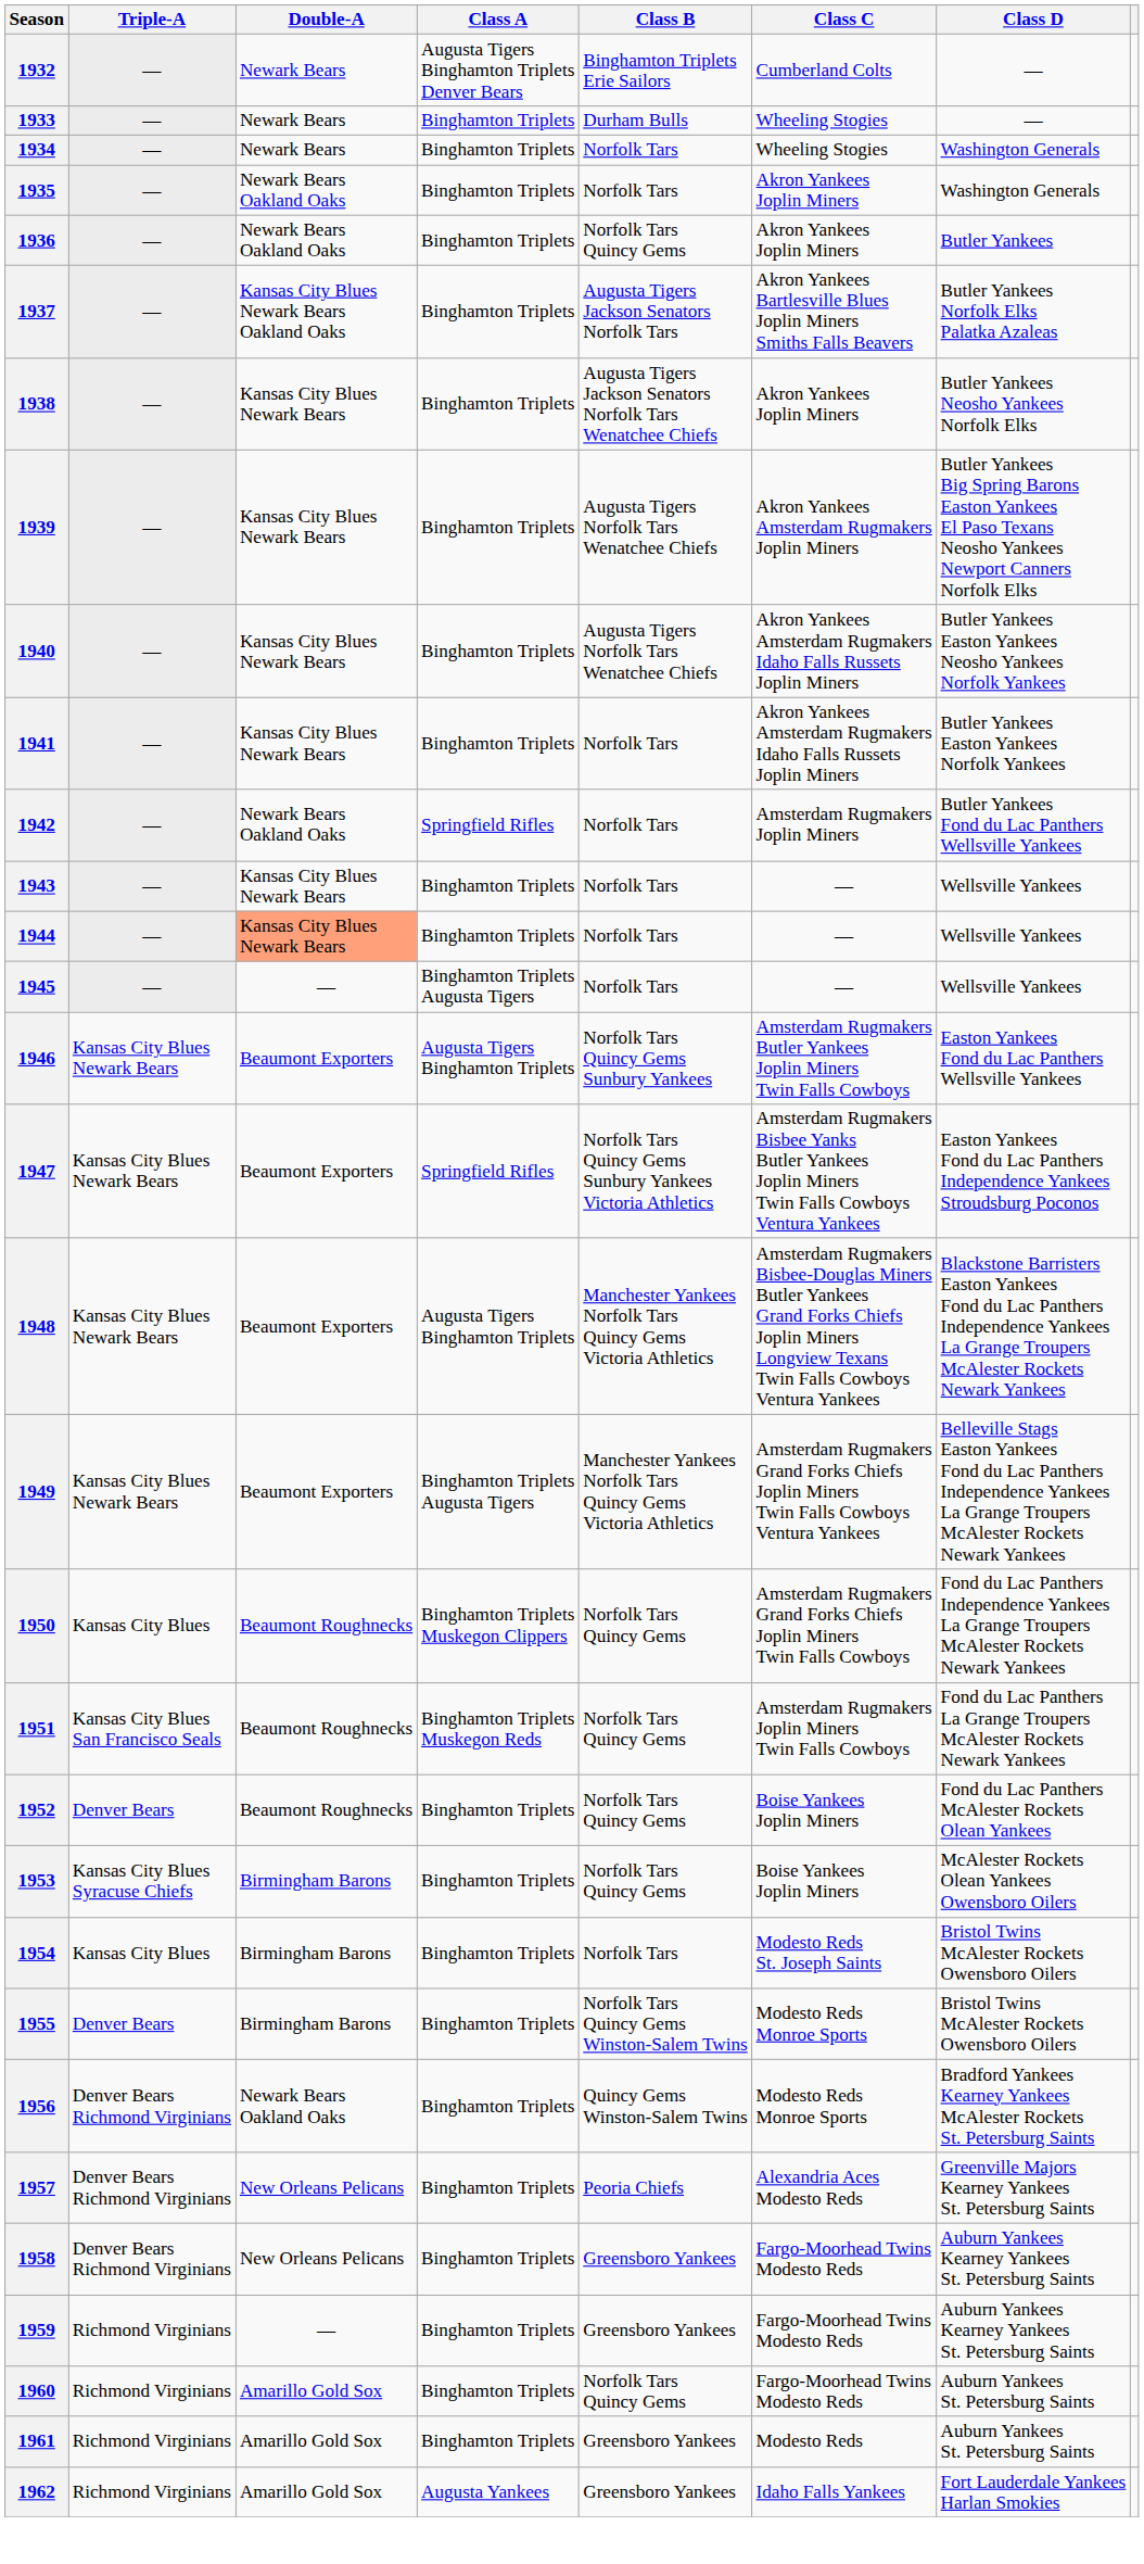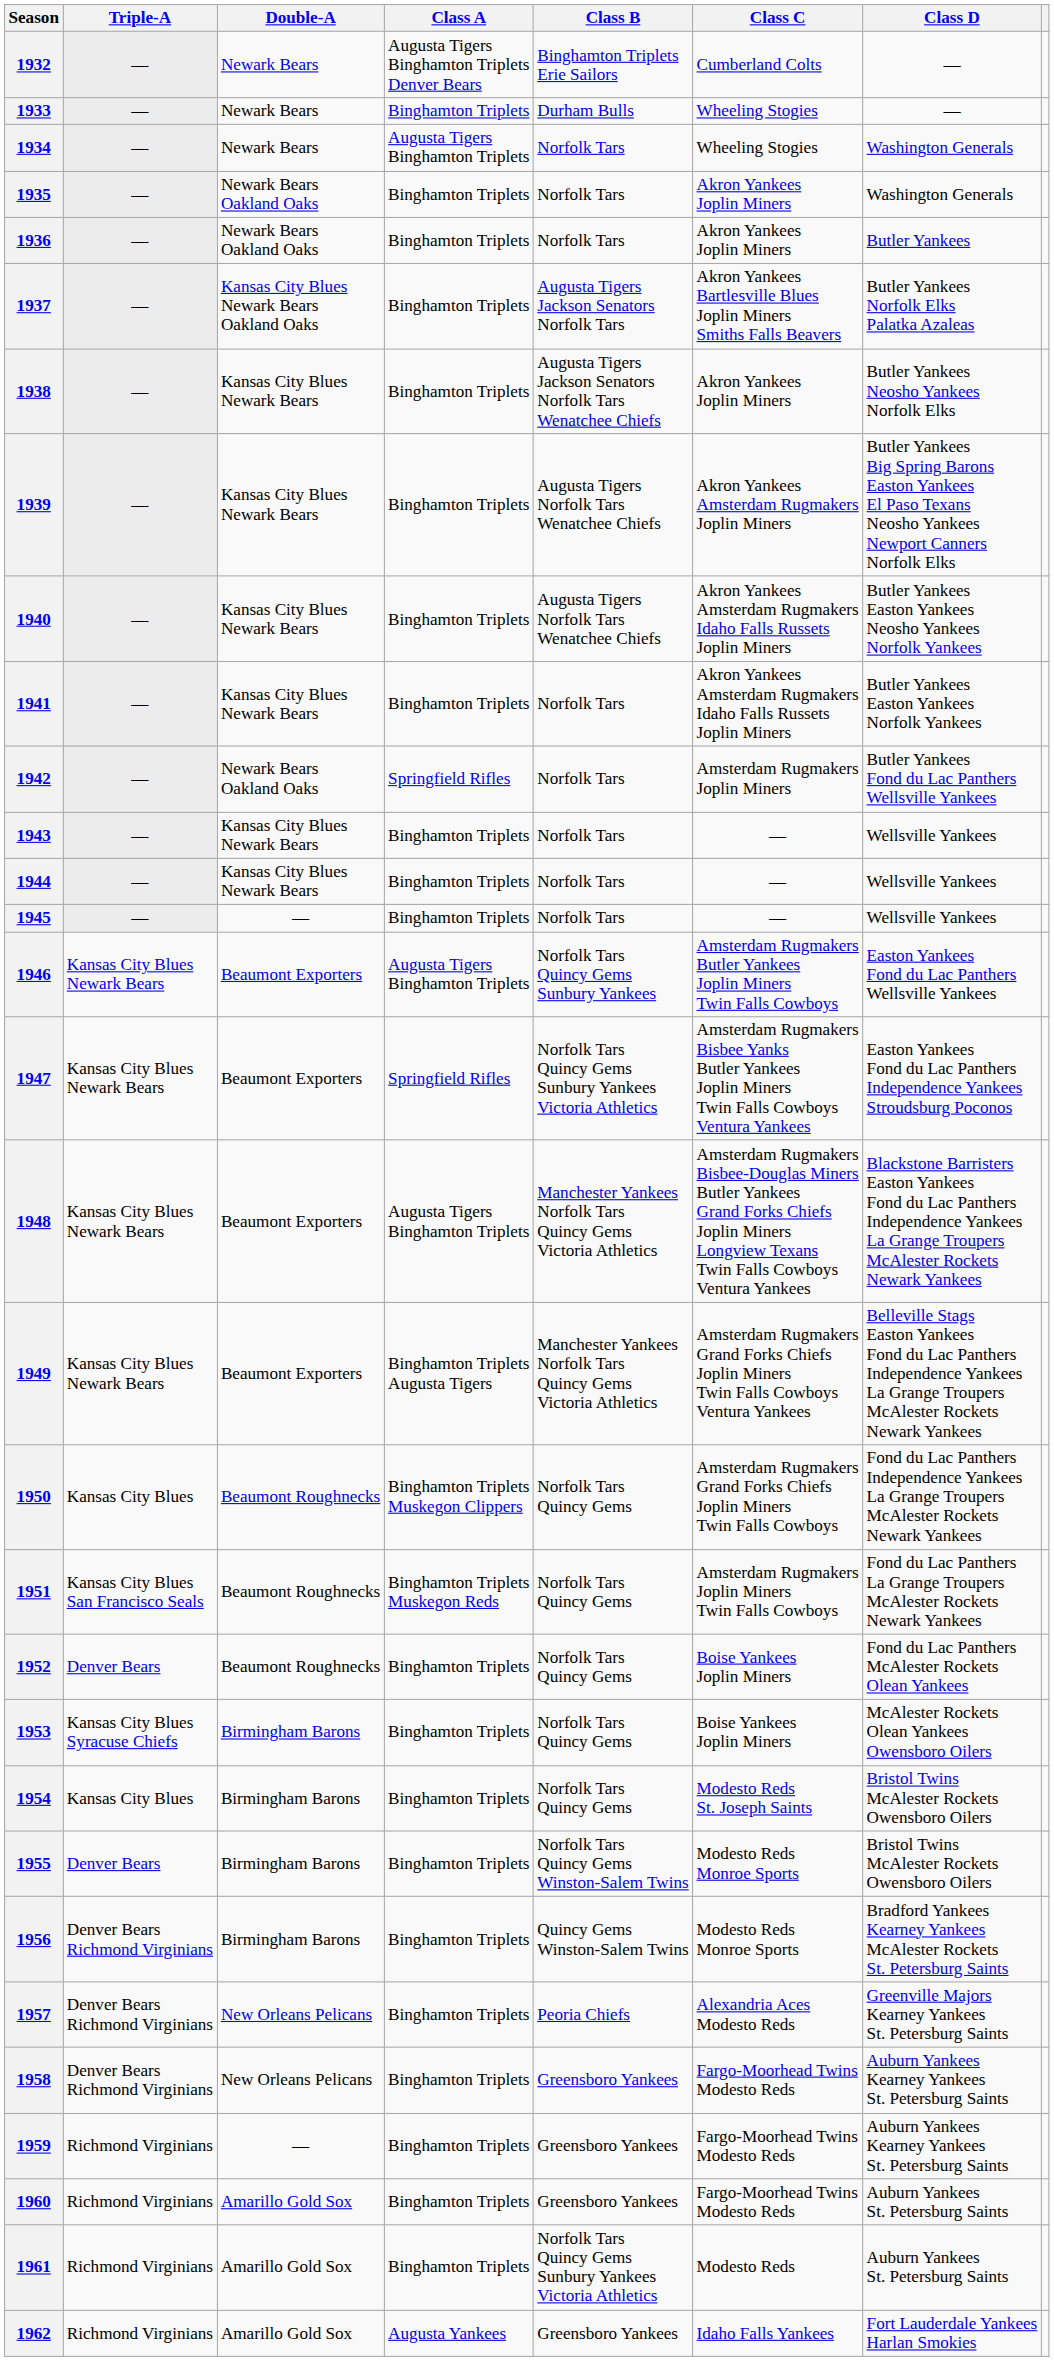 <table class="wikitable plainrowheaders">
 <tr>
 <th scope="col">Season</th>
 <th scope="col"><a href='#'><span>Triple-A</span></a></th>
 <th scope="col"><a href='#'><span>Double-A</span></a></th>
 <th scope="col"><a href='#'><span>Class A</span></a></th>
 <th scope="col"><a href='#'><span>Class B</span></a></th>
 <th scope="col"><a href='#'><span>Class C</span></a></th>
 <th scope="col"><a href='#'><span>Class D</span></a></th>
 <th scope="col"></th>
 </tr>
 <tr>
 <th scope="row" style="text-align:center"><a href='#'>1932</a></th>
 <td style="background:#ececec" align="center">—</td>
 <td><a href='#'>Newark Bears</a></td>
 <td>Augusta Tigers<br>Binghamton Triplets<br><a href='#'>Denver Bears</a></td>
 <td><a href='#'>Binghamton Triplets</a><br><a href='#'>Erie Sailors</a></td>
 <td><a href='#'>Cumberland Colts</a></td>
 <td align="center">—</td>
 <td align="center"></td>
 </tr>
 <tr>
 <th scope="row" style="text-align:center"><a href='#'>1933</a></th>
 <td style="background:#ececec" align="center">—</td>
 <td>Newark Bears</td>
 <td><a href='#'>Binghamton Triplets</a></td>
 <td><a href='#'>Durham Bulls</a></td>
 <td><a href='#'>Wheeling Stogies</a></td>
 <td align="center">—</td>
 <td align="center"></td>
 </tr>
 <tr>
 <th scope="row" style="text-align:center"><a href='#'>1934</a></th>
 <td style="background:#ececec" align="center">—</td>
 <td>Newark Bears</td>
-<td>Binghamton Triplets</td>
+<td><a href='#'>Augusta Tigers</a><br>Binghamton Triplets</td>
 <td><a href='#'>Norfolk Tars</a></td>
 <td>Wheeling Stogies</td>
 <td><a href='#'>Washington Generals</a></td>
 <td align="center"></td>
 </tr>
 <tr>
 <th scope="row" style="text-align:center"><a href='#'>1935</a></th>
 <td style="background:#ececec" align="center">—</td>
 <td>Newark Bears<br><a href='#'>Oakland Oaks</a></td>
 <td>Binghamton Triplets</td>
 <td>Norfolk Tars</td>
 <td><a href='#'>Akron Yankees</a><br><a href='#'>Joplin Miners</a></td>
 <td>Washington Generals</td>
 <td align="center"></td>
 </tr>
 <tr>
 <th scope="row" style="text-align:center"><a href='#'>1936</a></th>
 <td style="background:#ececec" align="center">—</td>
 <td>Newark Bears<br>Oakland Oaks</td>
 <td>Binghamton Triplets</td>
-<td>Norfolk Tars<br>Quincy Gems</td>
+<td>Norfolk Tars</td>
 <td>Akron Yankees<br>Joplin Miners</td>
 <td><a href='#'>Butler Yankees</a></td>
 <td align="center"></td>
 </tr>
 <tr>
 <th scope="row" style="text-align:center"><a href='#'>1937</a></th>
 <td style="background:#ececec" align="center">—</td>
 <td><a href='#'>Kansas City Blues</a><br>Newark Bears<br>Oakland Oaks</td>
 <td>Binghamton Triplets</td>
 <td><a href='#'>Augusta Tigers</a><br><a href='#'>Jackson Senators</a><br>Norfolk Tars</td>
 <td>Akron Yankees<br><a href='#'>Bartlesville Blues</a><br>Joplin Miners<br><a href='#'>Smiths Falls Beavers</a></td>
 <td>Butler Yankees<br><a href='#'>Norfolk Elks</a><br><a href='#'>Palatka Azaleas</a></td>
 <td align="center"></td>
 </tr>
 <tr>
 <th scope="row" style="text-align:center"><a href='#'>1938</a></th>
 <td style="background:#ececec" align="center">—</td>
 <td>Kansas City Blues<br>Newark Bears</td>
 <td>Binghamton Triplets</td>
 <td>Augusta Tigers<br>Jackson Senators<br>Norfolk Tars<br><a href='#'>Wenatchee Chiefs</a></td>
 <td>Akron Yankees<br>Joplin Miners</td>
 <td>Butler Yankees<br><a href='#'>Neosho Yankees</a><br>Norfolk Elks</td>
 <td align="center"></td>
 </tr>
 <tr>
 <th scope="row" style="text-align:center"><a href='#'>1939</a></th>
 <td style="background:#ececec" align="center">—</td>
 <td>Kansas City Blues<br>Newark Bears</td>
 <td>Binghamton Triplets</td>
 <td>Augusta Tigers<br>Norfolk Tars<br>Wenatchee Chiefs</td>
 <td>Akron Yankees<br><a href='#'>Amsterdam Rugmakers</a><br>Joplin Miners</td>
 <td>Butler Yankees<br><a href='#'>Big Spring Barons</a><br><a href='#'>Easton Yankees</a><br><a href='#'>El Paso Texans</a><br>Neosho Yankees<br><a href='#'>Newport Canners</a><br>Norfolk Elks</td>
 <td align="center"></td>
 </tr>
 <tr>
 <th scope="row" style="text-align:center"><a href='#'>1940</a></th>
 <td style="background:#ececec" align="center">—</td>
 <td>Kansas City Blues<br>Newark Bears</td>
 <td>Binghamton Triplets</td>
 <td>Augusta Tigers<br>Norfolk Tars<br>Wenatchee Chiefs</td>
 <td>Akron Yankees<br>Amsterdam Rugmakers<br><a href='#'>Idaho Falls Russets</a><br>Joplin Miners</td>
 <td>Butler Yankees<br>Easton Yankees<br>Neosho Yankees<br><a href='#'>Norfolk Yankees</a></td>
 <td align="center"></td>
 </tr>
 <tr>
 <th scope="row" style="text-align:center"><a href='#'>1941</a></th>
 <td style="background:#ececec" align="center">—</td>
 <td>Kansas City Blues<br>Newark Bears</td>
 <td>Binghamton Triplets</td>
 <td>Norfolk Tars</td>
 <td>Akron Yankees<br>Amsterdam Rugmakers<br>Idaho Falls Russets<br>Joplin Miners</td>
 <td>Butler Yankees<br>Easton Yankees<br>Norfolk Yankees</td>
 <td align="center"></td>
 </tr>
 <tr>
 <th scope="row" style="text-align:center"><a href='#'>1942</a></th>
 <td style="background:#ececec" align="center">—</td>
 <td>Newark Bears<br>Oakland Oaks</td>
 <td><a href='#'>Springfield Rifles</a></td>
 <td>Norfolk Tars</td>
 <td>Amsterdam Rugmakers<br>Joplin Miners</td>
 <td>Butler Yankees<br><a href='#'>Fond du Lac Panthers</a><br><a href='#'>Wellsville Yankees</a></td>
 <td align="center"></td>
 </tr>
 <tr>
 <th scope="row" style="text-align:center"><a href='#'>1943</a></th>
 <td style="background:#ececec" align="center">—</td>
 <td>Kansas City Blues<br>Newark Bears</td>
 <td>Binghamton Triplets</td>
 <td>Norfolk Tars</td>
 <td align="center">—</td>
 <td>Wellsville Yankees</td>
 <td align="center"></td>
 </tr>
 <tr>
 <th scope="row" style="text-align:center"><a href='#'>1944</a></th>
 <td style="background:#ececec" align="center">—</td>
-<td style="background: lightsalmon;">Kansas City Blues<br>Newark Bears</td>
+<td>Kansas City Blues<br>Newark Bears</td>
 <td>Binghamton Triplets</td>
 <td>Norfolk Tars</td>
 <td align="center">—</td>
 <td>Wellsville Yankees</td>
 <td align="center"></td>
 </tr>
 <tr>
 <th scope="row" style="text-align:center"><a href='#'>1945</a></th>
 <td style="background:#ececec" align="center">—</td>
 <td align="center">—</td>
-<td>Binghamton Triplets<br>Augusta Tigers</td>
+<td>Binghamton Triplets</td>
 <td>Norfolk Tars</td>
 <td align="center">—</td>
 <td>Wellsville Yankees</td>
 <td align="center"></td>
 </tr>
 <tr>
 <th scope="row" style="text-align:center"><a href='#'>1946</a></th>
 <td><a href='#'>Kansas City Blues</a><br><a href='#'>Newark Bears</a></td>
 <td><a href='#'>Beaumont Exporters</a></td>
 <td><a href='#'>Augusta Tigers</a><br>Binghamton Triplets</td>
 <td>Norfolk Tars<br><a href='#'>Quincy Gems</a><br><a href='#'>Sunbury Yankees</a></td>
 <td><a href='#'>Amsterdam Rugmakers</a><br><a href='#'>Butler Yankees</a><br><a href='#'>Joplin Miners</a><br><a href='#'>Twin Falls Cowboys</a></td>
 <td><a href='#'>Easton Yankees</a><br><a href='#'>Fond du Lac Panthers</a><br>Wellsville Yankees</td>
 <td align="center"></td>
 </tr>
 <tr>
 <th scope="row" style="text-align:center"><a href='#'>1947</a></th>
 <td>Kansas City Blues<br>Newark Bears</td>
 <td>Beaumont Exporters</td>
 <td><a href='#'>Springfield Rifles</a></td>
 <td>Norfolk Tars<br>Quincy Gems<br>Sunbury Yankees<br><a href='#'>Victoria Athletics</a></td>
 <td>Amsterdam Rugmakers<br><a href='#'>Bisbee Yanks</a><br>Butler Yankees<br>Joplin Miners<br>Twin Falls Cowboys<br><a href='#'>Ventura Yankees</a></td>
 <td>Easton Yankees<br>Fond du Lac Panthers<br><a href='#'>Independence Yankees</a><br><a href='#'>Stroudsburg Poconos</a></td>
 <td align="center"></td>
 </tr>
 <tr>
 <th scope="row" style="text-align:center"><a href='#'>1948</a></th>
 <td>Kansas City Blues<br>Newark Bears</td>
 <td>Beaumont Exporters</td>
 <td>Augusta Tigers<br>Binghamton Triplets</td>
 <td><a href='#'>Manchester Yankees</a><br>Norfolk Tars<br>Quincy Gems<br>Victoria Athletics</td>
 <td>Amsterdam Rugmakers<br><a href='#'>Bisbee-Douglas Miners</a><br>Butler Yankees<br><a href='#'>Grand Forks Chiefs</a><br>Joplin Miners<br><a href='#'>Longview Texans</a><br>Twin Falls Cowboys<br>Ventura Yankees</td>
 <td><a href='#'>Blackstone Barristers</a><br>Easton Yankees<br>Fond du Lac Panthers<br>Independence Yankees<br><a href='#'>La Grange Troupers</a><br><a href='#'>McAlester Rockets</a><br><a href='#'>Newark Yankees</a></td>
 <td align="center"></td>
 </tr>
 <tr>
 <th scope="row" style="text-align:center"><a href='#'>1949</a></th>
 <td>Kansas City Blues<br>Newark Bears</td>
 <td>Beaumont Exporters</td>
 <td>Binghamton Triplets<br>Augusta Tigers</td>
 <td>Manchester Yankees<br>Norfolk Tars<br>Quincy Gems<br>Victoria Athletics</td>
 <td>Amsterdam Rugmakers<br>Grand Forks Chiefs<br>Joplin Miners<br>Twin Falls Cowboys<br>Ventura Yankees</td>
 <td><a href='#'>Belleville Stags</a><br>Easton Yankees<br>Fond du Lac Panthers<br>Independence Yankees<br>La Grange Troupers<br>McAlester Rockets<br>Newark Yankees</td>
 <td align="center"></td>
 </tr>
 <tr>
 <th scope="row" style="text-align:center"><a href='#'>1950</a></th>
 <td>Kansas City Blues</td>
 <td><a href='#'>Beaumont Roughnecks</a></td>
 <td>Binghamton Triplets<br><a href='#'>Muskegon Clippers</a></td>
 <td>Norfolk Tars<br>Quincy Gems</td>
 <td>Amsterdam Rugmakers<br>Grand Forks Chiefs<br>Joplin Miners<br>Twin Falls Cowboys</td>
 <td>Fond du Lac Panthers<br>Independence Yankees<br>La Grange Troupers<br>McAlester Rockets<br>Newark Yankees</td>
 <td align="center"></td>
 </tr>
 <tr>
 <th scope="row" style="text-align:center"><a href='#'>1951</a></th>
 <td>Kansas City Blues<br><a href='#'>San Francisco Seals</a></td>
 <td>Beaumont Roughnecks</td>
 <td>Binghamton Triplets<br><a href='#'>Muskegon Reds</a></td>
 <td>Norfolk Tars<br>Quincy Gems</td>
 <td>Amsterdam Rugmakers<br>Joplin Miners<br>Twin Falls Cowboys</td>
 <td>Fond du Lac Panthers<br>La Grange Troupers<br>McAlester Rockets<br>Newark Yankees</td>
 <td align="center"></td>
 </tr>
 <tr>
 <th scope="row" style="text-align:center"><a href='#'>1952</a></th>
 <td><a href='#'>Denver Bears</a></td>
 <td>Beaumont Roughnecks</td>
 <td>Binghamton Triplets</td>
 <td>Norfolk Tars<br>Quincy Gems</td>
 <td><a href='#'>Boise Yankees</a><br>Joplin Miners</td>
 <td>Fond du Lac Panthers<br>McAlester Rockets<br><a href='#'>Olean Yankees</a></td>
 <td align="center"></td>
 </tr>
 <tr>
 <th scope="row" style="text-align:center"><a href='#'>1953</a></th>
 <td>Kansas City Blues<br><a href='#'>Syracuse Chiefs</a></td>
 <td><a href='#'>Birmingham Barons</a></td>
 <td>Binghamton Triplets</td>
 <td>Norfolk Tars<br>Quincy Gems</td>
 <td>Boise Yankees<br>Joplin Miners</td>
 <td>McAlester Rockets<br>Olean Yankees<br><a href='#'>Owensboro Oilers</a></td>
 <td align="center"></td>
 </tr>
 <tr>
 <th scope="row" style="text-align:center"><a href='#'>1954</a></th>
 <td>Kansas City Blues</td>
 <td>Birmingham Barons</td>
 <td>Binghamton Triplets</td>
-<td>Norfolk Tars</td>
+<td>Norfolk Tars<br>Quincy Gems</td>
 <td><a href='#'>Modesto Reds</a><br><a href='#'>St. Joseph Saints</a></td>
 <td><a href='#'>Bristol Twins</a><br>McAlester Rockets<br>Owensboro Oilers</td>
 <td align="center"></td>
 </tr>
 <tr>
 <th scope="row" style="text-align:center"><a href='#'>1955</a></th>
 <td><a href='#'>Denver Bears</a></td>
 <td>Birmingham Barons</td>
 <td>Binghamton Triplets</td>
 <td>Norfolk Tars<br>Quincy Gems<br><a href='#'>Winston-Salem Twins</a></td>
 <td>Modesto Reds<br><a href='#'>Monroe Sports</a></td>
 <td>Bristol Twins<br>McAlester Rockets<br>Owensboro Oilers</td>
 <td align="center"></td>
 </tr>
 <tr>
 <th scope="row" style="text-align:center"><a href='#'>1956</a></th>
 <td>Denver Bears<br><a href='#'>Richmond Virginians</a></td>
-<td>Newark Bears<br>Oakland Oaks</td>
+<td>Birmingham Barons</td>
 <td>Binghamton Triplets</td>
 <td>Quincy Gems<br>Winston-Salem Twins</td>
 <td>Modesto Reds<br>Monroe Sports</td>
 <td>Bradford Yankees<br><a href='#'>Kearney Yankees</a><br>McAlester Rockets<br><a href='#'>St. Petersburg Saints</a></td>
 <td align="center"></td>
 </tr>
 <tr>
 <th scope="row" style="text-align:center"><a href='#'>1957</a></th>
 <td>Denver Bears<br>Richmond Virginians</td>
 <td><a href='#'>New Orleans Pelicans</a></td>
 <td>Binghamton Triplets</td>
 <td><a href='#'>Peoria Chiefs</a></td>
 <td><a href='#'>Alexandria Aces</a><br>Modesto Reds</td>
 <td><a href='#'>Greenville Majors</a><br>Kearney Yankees<br>St. Petersburg Saints</td>
 <td align="center"></td>
 </tr>
 <tr>
 <th scope="row" style="text-align:center"><a href='#'>1958</a></th>
 <td>Denver Bears<br>Richmond Virginians</td>
 <td>New Orleans Pelicans</td>
 <td>Binghamton Triplets</td>
 <td><a href='#'>Greensboro Yankees</a></td>
 <td><a href='#'>Fargo-Moorhead Twins</a><br>Modesto Reds</td>
 <td><a href='#'>Auburn Yankees</a><br>Kearney Yankees<br>St. Petersburg Saints</td>
 <td align="center"></td>
 </tr>
 <tr>
 <th scope="row" style="text-align:center"><a href='#'>1959</a></th>
 <td>Richmond Virginians</td>
 <td align="center">—</td>
 <td>Binghamton Triplets</td>
 <td>Greensboro Yankees</td>
 <td>Fargo-Moorhead Twins<br>Modesto Reds</td>
 <td>Auburn Yankees<br>Kearney Yankees<br>St. Petersburg Saints</td>
 <td align="center"></td>
 </tr>
 <tr>
 <th scope="row" style="text-align:center"><a href='#'>1960</a></th>
 <td>Richmond Virginians</td>
 <td><a href='#'>Amarillo Gold Sox</a></td>
 <td>Binghamton Triplets</td>
-<td>Norfolk Tars<br>Quincy Gems</td>
+<td>Greensboro Yankees</td>
 <td>Fargo-Moorhead Twins<br>Modesto Reds</td>
 <td>Auburn Yankees<br>St. Petersburg Saints</td>
 <td align="center"></td>
 </tr>
 <tr>
 <th scope="row" style="text-align:center"><a href='#'>1961</a></th>
 <td>Richmond Virginians</td>
 <td>Amarillo Gold Sox</td>
 <td>Binghamton Triplets</td>
-<td>Greensboro Yankees</td>
+<td>Norfolk Tars<br>Quincy Gems<br>Sunbury Yankees<br><a href='#'>Victoria Athletics</a></td>
 <td>Modesto Reds</td>
 <td>Auburn Yankees<br>St. Petersburg Saints</td>
 <td align="center"></td>
 </tr>
 <tr>
 <th scope="row" style="text-align:center"><a href='#'>1962</a></th>
 <td>Richmond Virginians</td>
 <td>Amarillo Gold Sox</td>
 <td><a href='#'>Augusta Yankees</a></td>
 <td>Greensboro Yankees</td>
 <td><a href='#'>Idaho Falls Yankees</a></td>
 <td><a href='#'>Fort Lauderdale Yankees</a><br><a href='#'>Harlan Smokies</a></td>
 <td align="center"></td>
 </tr>
 </table>
